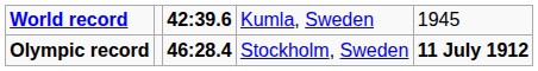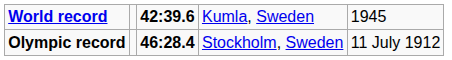 <table class="wikitable">
 <tr>
 <td><strong><a href='#'>World record</a></strong></td>
 <td></td>
 <td><strong>42:39.6</strong></td>
 <td><a href='#'>Kumla</a>, <a href='#'>Sweden</a></td>
 <td>1945</td>
 </tr>
 <tr>
 <td><strong>Olympic record</strong></td>
 <td></td>
 <td><strong>46:28.4</strong></td>
 <td><a href='#'>Stockholm</a>, <a href='#'>Sweden</a></td>
-<td><strong>11 July 1912</strong></td>
+<td>11 July 1912</td>
 </tr>
 </table>
